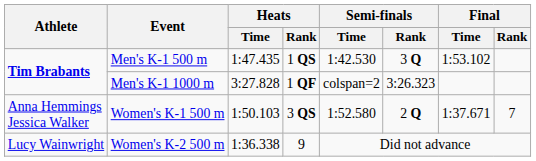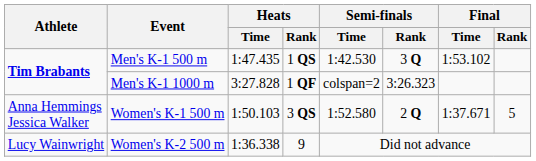 <table class=wikitable style="font-size:90%">
 <tr>
 <th rowspan="2">Athlete</th>
 <th rowspan="2">Event</th>
 <th colspan="2">Heats</th>
 <th colspan="2">Semi-finals</th>
 <th colspan="2">Final</th>
 </tr>
 <tr style="font-size:95%">
 <th>Time</th>
 <th>Rank</th>
 <th>Time</th>
 <th>Rank</th>
 <th>Time</th>
 <th>Rank</th>
 </tr>
 <tr align=center>
 <td align=left rowspan=2><strong><a href='#'>Tim Brabants</a></strong></td>
 <td align=left><a href='#'>Men's K-1 500 m</a></td>
 <td>1:47.435</td>
 <td>1 <strong>QS</strong></td>
 <td>1:42.530</td>
 <td>3 <strong>Q</strong></td>
 <td>1:53.102</td>
 <td></td>
 </tr>
 <tr align=center>
 <td align=left><a href='#'>Men's K-1 1000 m</a></td>
 <td>3:27.828</td>
 <td>1 <strong>QF</strong></td>
 <td>colspan=2 </td>
 <td>3:26.323</td>
 <td></td>
 </tr>
 <tr align=center>
 <td align=left><a href='#'>Anna Hemmings</a><br> <a href='#'>Jessica Walker</a></td>
 <td align=left><a href='#'>Women's K-1 500 m</a></td>
 <td>1:50.103</td>
 <td>3 <strong>QS</strong></td>
 <td>1:52.580</td>
 <td>2 <strong>Q</strong></td>
 <td>1:37.671</td>
-<td>7</td>
+<td>5</td>
 </tr>
 <tr align=center>
 <td align=left><a href='#'>Lucy Wainwright</a></td>
 <td align=left><a href='#'>Women's K-2 500 m</a></td>
 <td>1:36.338</td>
 <td>9</td>
 <td colspan=4>Did not advance</td>
 </tr>
 </table>
